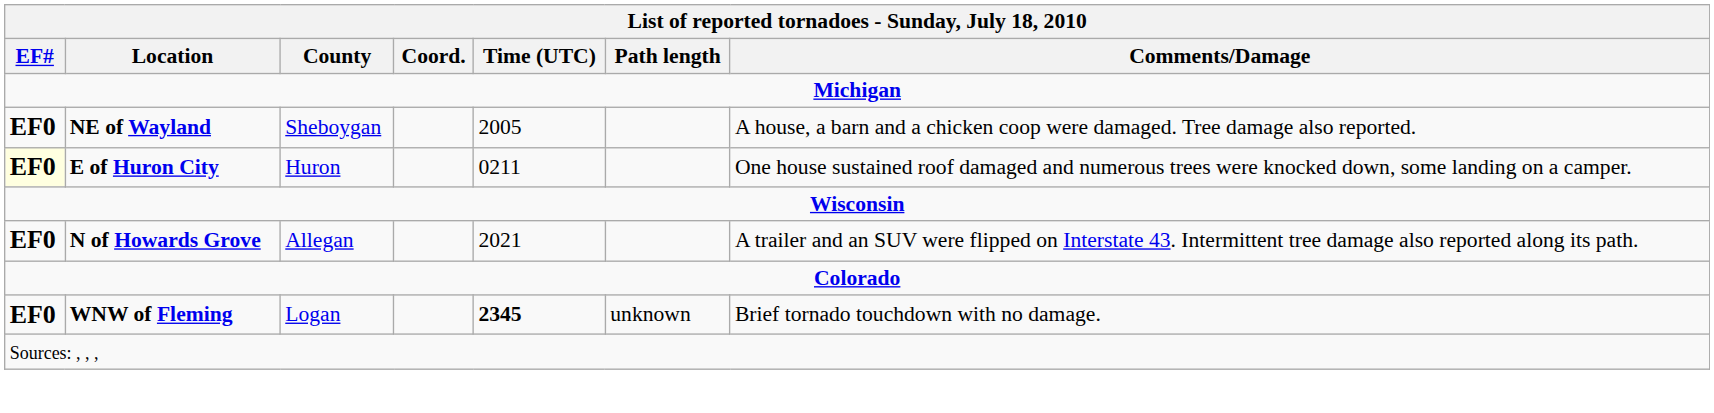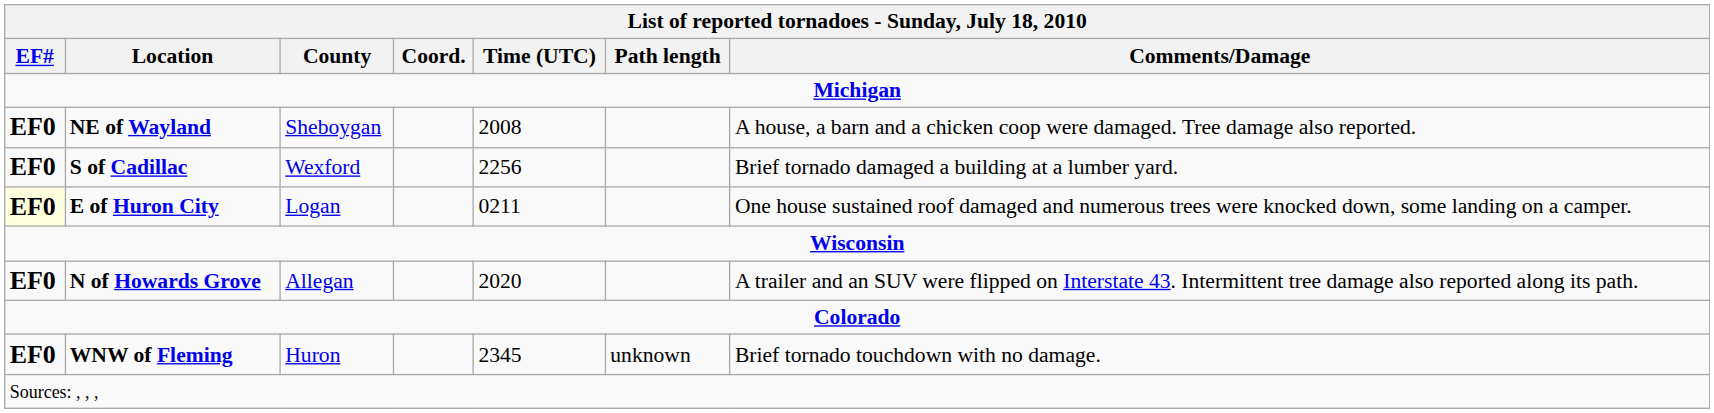 <table class="wikitable collapsible" style="width:100%;">
 <tr>
 <th colspan="7">List of reported tornadoes - Sunday, July 18, 2010</th>
 </tr>
 <tr>
 <th><a href='#'>EF#</a></th>
 <th>Location</th>
 <th>County</th>
 <th>Coord.</th>
 <th>Time (UTC)</th>
 <th>Path length</th>
 <th>Comments/Damage</th>
 </tr>
 <tr>
 <td colspan="7" style="text-align:center;"><strong><a href='#'>Michigan</a></strong></td>
 </tr>
 <tr>
 <td><big><strong>EF0</strong></big></td>
 <td><strong>NE of <a href='#'>Wayland</a></strong></td>
 <td><a href='#'>Sheboygan</a></td>
 <td></td>
-<td>2005</td>
+<td>2008</td>
 <td></td>
 <td>A house, a barn and a chicken coop were damaged. Tree damage also reported.</td>
 </tr>
 <tr>
+<td><big><strong>EF0</strong></big></td>
+<td><strong>S of <a href='#'>Cadillac</a></strong></td>
+<td><a href='#'>Wexford</a></td>
+<td></td>
+<td>2256</td>
+<td></td>
+<td>Brief tornado damaged a building at a lumber yard.</td>
+</tr>
+<tr>
 <td style="background: lightyellow;"><big><strong>EF0</strong></big></td>
 <td><strong>E of <a href='#'>Huron City</a></strong></td>
-<td><a href='#'>Huron</a></td>
+<td><a href='#'>Logan</a></td>
 <td></td>
 <td>0211</td>
 <td></td>
 <td>One house sustained roof damaged and numerous trees were knocked down, some landing on a camper.</td>
 </tr>
 <tr>
 <td colspan="7" style="text-align:center;"><strong><a href='#'>Wisconsin</a></strong></td>
 </tr>
 <tr>
 <td><big><strong>EF0</strong></big></td>
 <td><strong>N of <a href='#'>Howards Grove</a></strong></td>
 <td><a href='#'>Allegan</a></td>
 <td></td>
-<td>2021</td>
+<td>2020</td>
 <td></td>
 <td>A trailer and an SUV were flipped on <a href='#'>Interstate 43</a>. Intermittent tree damage also reported along its path.</td>
 </tr>
 <tr>
 <td colspan="7" style="text-align:center;"><strong><a href='#'>Colorado</a></strong></td>
 </tr>
 <tr>
 <td><big><strong>EF0</strong></big></td>
 <td><strong>WNW of <a href='#'>Fleming</a></strong></td>
-<td><a href='#'>Logan</a></td>
+<td><a href='#'>Huron</a></td>
 <td></td>
-<td><strong>2345</strong></td>
+<td>2345</td>
 <td>unknown</td>
 <td>Brief tornado touchdown with no damage.</td>
 </tr>
 <tr>
 <td colspan="7"><small>Sources: , , , </small></td>
 </tr>
 </table>
